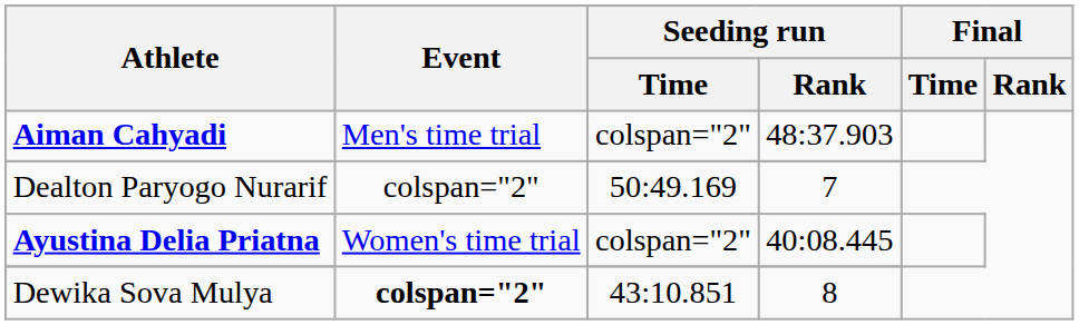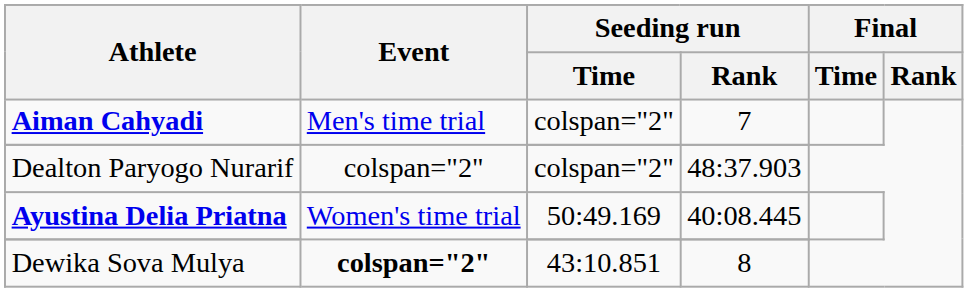 <table class=wikitable style="font-size:90%; text-align:center">
 <tr>
 <th rowspan="2">Athlete</th>
 <th rowspan="2">Event</th>
 <th colspan=2>Seeding run</th>
 <th colspan=2>Final</th>
 </tr>
 <tr>
 <th>Time</th>
 <th>Rank</th>
 <th>Time</th>
 <th>Rank</th>
 </tr>
 <tr>
 <td align=left><strong><a href='#'>Aiman Cahyadi</a></strong></td>
 <td align=left rowspan="2"><a href='#'>Men's time trial</a></td>
 <td>colspan="2" </td>
-<td>48:37.903</td>
+<td>7</td>
 <td></td>
 </tr>
 <tr>
 </tr>
 <tr>
 <td align=left>Dealton Paryogo Nurarif</td>
 <td>colspan="2" </td>
-<td>50:49.169</td>
-<td>7</td>
+<td>colspan="2" </td>
+<td>48:37.903</td>
 </tr>
 <tr>
 <td align=left><strong><a href='#'>Ayustina Delia Priatna</a></strong></td>
 <td align=left rowspan="2"><a href='#'>Women's time trial</a></td>
-<td>colspan="2" </td>
+<td>50:49.169</td>
 <td>40:08.445</td>
 <td></td>
 </tr>
 <tr>
 </tr>
 <tr>
 <td align=left>Dewika Sova Mulya</td>
 <td><strong>colspan="2" </strong></td>
 <td>43:10.851</td>
 <td>8</td>
 </tr>
 </table>
